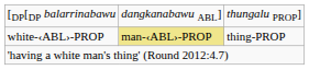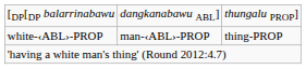 <table class="wikitable">
 <tr>
 <td>[<sub>DP</sub>[<sub>DP</sub> <em>balarrinabawu</em></td>
 <td><em>dangkanabawu</em> <sub>ABL</sub>]</td>
 <td><em>thungalu</em> <sub>PROP</sub>]</td>
 </tr>
 <tr>
 <td>white-‹ABL›-PROP</td>
-<td style="background: khaki;">man-‹ABL›-PROP</td>
+<td>man-‹ABL›-PROP</td>
 <td>thing-PROP</td>
 </tr>
 <tr>
 <td colspan="3">'having a white man's thing' (Round 2012:4.7)</td>
 </tr>
 </table>
